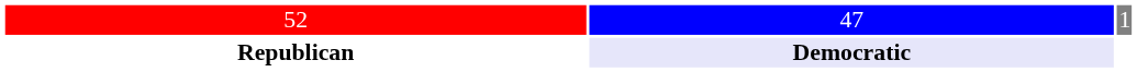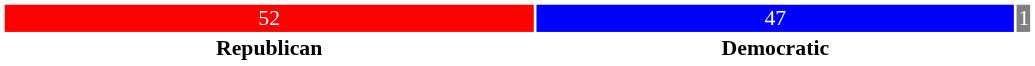 <table style="width:60%; text-align:center;">
 <tr style="color:white;">
 <td style="background:red; width:52.0%;">52</td>
 <td style="background:blue; width:47.0%;">47</td>
 <td style="background:grey; width:1.0%;">1</td>
 </tr>
 <tr>
 <td><span><strong>Republican</strong></span></td>
-<td style="background: lavender;"><span><strong>Democratic</strong></span></td>
+<td><span><strong>Democratic</strong></span></td>
 </tr>
 </table>
